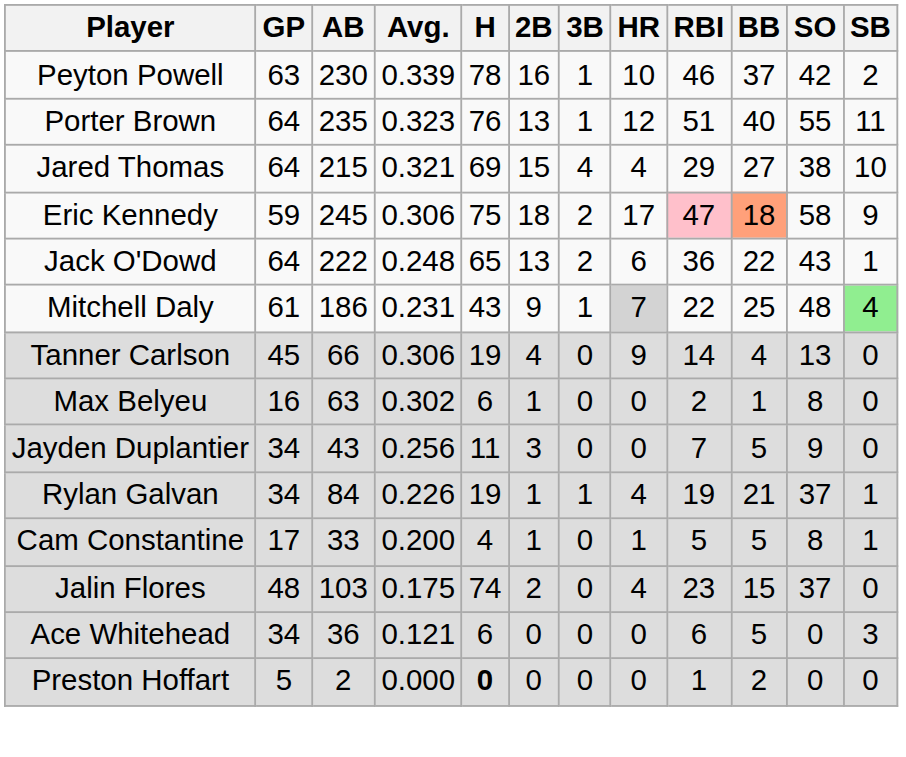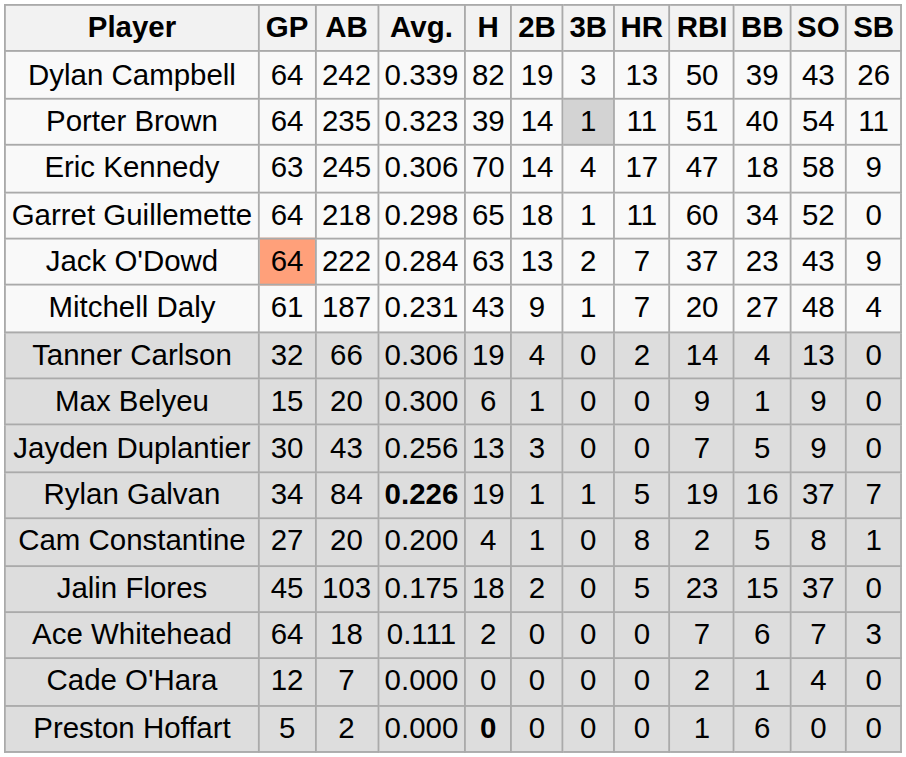 <table class="wikitable sortable">
 <tr>
 <th>Player</th>
 <th>GP</th>
 <th>AB</th>
 <th>Avg.</th>
 <th>H</th>
 <th>2B</th>
 <th>3B</th>
 <th>HR</th>
 <th>RBI</th>
 <th>BB</th>
 <th>SO</th>
 <th>SB</th>
 </tr>
 <tr style="text-align:center;">
-<td>Peyton Powell</td>
-<td>63</td>
-<td>230</td>
+<td>Dylan Campbell</td>
+<td>64</td>
+<td>242</td>
 <td>0.339</td>
-<td>78</td>
-<td>16</td>
-<td>1</td>
-<td>10</td>
-<td>46</td>
-<td>37</td>
-<td>42</td>
-<td>2</td>
+<td>82</td>
+<td>19</td>
+<td>3</td>
+<td>13</td>
+<td>50</td>
+<td>39</td>
+<td>43</td>
+<td>26</td>
 </tr>
 <tr style="text-align:center;">
 <td>Porter Brown</td>
 <td>64</td>
 <td>235</td>
 <td>0.323</td>
-<td>76</td>
-<td>13</td>
-<td>1</td>
-<td>12</td>
+<td>39</td>
+<td>14</td>
+<td style="background: lightgrey;">1</td>
+<td>11</td>
 <td>51</td>
 <td>40</td>
-<td>55</td>
+<td>54</td>
 <td>11</td>
 </tr>
 <tr style="text-align:center;">
-<td>Jared Thomas</td>
-<td>64</td>
-<td>215</td>
-<td>0.321</td>
-<td>69</td>
-<td>15</td>
-<td>4</td>
-<td>4</td>
-<td>29</td>
-<td>27</td>
-<td>38</td>
-<td>10</td>
-</tr>
-<tr style="text-align:center;">
 <td>Eric Kennedy</td>
-<td>59</td>
+<td>63</td>
 <td>245</td>
 <td>0.306</td>
-<td>75</td>
+<td>70</td>
+<td>14</td>
+<td>4</td>
+<td>17</td>
+<td>47</td>
 <td>18</td>
-<td>2</td>
-<td>17</td>
-<td style="background: pink;">47</td>
-<td style="background: lightsalmon;">18</td>
 <td>58</td>
 <td>9</td>
 </tr>
 <tr style="text-align:center;">
+<td>Garret Guillemette</td>
+<td>64</td>
+<td>218</td>
+<td>0.298</td>
+<td>65</td>
+<td>18</td>
+<td>1</td>
+<td>11</td>
+<td>60</td>
+<td>34</td>
+<td>52</td>
+<td>0</td>
+</tr>
+<tr style="text-align:center;">
 <td>Jack O'Dowd</td>
-<td>64</td>
+<td style="background: lightsalmon;">64</td>
 <td>222</td>
-<td>0.248</td>
-<td>65</td>
+<td>0.284</td>
+<td>63</td>
 <td>13</td>
 <td>2</td>
-<td>6</td>
-<td>36</td>
-<td>22</td>
+<td>7</td>
+<td>37</td>
+<td>23</td>
 <td>43</td>
-<td>1</td>
+<td>9</td>
 </tr>
 <tr style="text-align:center;">
 <td>Mitchell Daly</td>
 <td>61</td>
-<td>186</td>
+<td>187</td>
 <td>0.231</td>
 <td>43</td>
 <td>9</td>
 <td>1</td>
-<td style="background: lightgrey;">7</td>
-<td>22</td>
-<td>25</td>
+<td>7</td>
+<td>20</td>
+<td>27</td>
 <td>48</td>
-<td style="background: lightgreen;">4</td>
+<td>4</td>
 </tr>
 <tr style="background:#dddddd; text-align:center;">
 <td>Tanner Carlson</td>
-<td>45</td>
+<td>32</td>
 <td>66</td>
 <td>0.306</td>
 <td>19</td>
 <td>4</td>
 <td>0</td>
-<td>9</td>
+<td>2</td>
 <td>14</td>
 <td>4</td>
 <td>13</td>
 <td>0</td>
 </tr>
 <tr style="background:#dddddd; text-align:center;">
 <td>Max Belyeu</td>
-<td>16</td>
-<td>63</td>
-<td>0.302</td>
+<td>15</td>
+<td>20</td>
+<td>0.300</td>
 <td>6</td>
 <td>1</td>
 <td>0</td>
 <td>0</td>
-<td>2</td>
+<td>9</td>
 <td>1</td>
-<td>8</td>
+<td>9</td>
 <td>0</td>
 </tr>
 <tr style="background:#dddddd; text-align:center;">
 <td>Jayden Duplantier</td>
-<td>34</td>
+<td>30</td>
 <td>43</td>
 <td>0.256</td>
-<td>11</td>
+<td>13</td>
 <td>3</td>
 <td>0</td>
 <td>0</td>
 <td>7</td>
 <td>5</td>
 <td>9</td>
 <td>0</td>
 </tr>
 <tr style="background:#dddddd; text-align:center;">
 <td>Rylan Galvan</td>
 <td>34</td>
 <td>84</td>
-<td>0.226</td>
+<td><strong>0.226</strong></td>
 <td>19</td>
 <td>1</td>
 <td>1</td>
-<td>4</td>
+<td>5</td>
 <td>19</td>
-<td>21</td>
+<td>16</td>
 <td>37</td>
-<td>1</td>
+<td>7</td>
 </tr>
 <tr style="background:#dddddd; text-align:center;">
 <td>Cam Constantine</td>
-<td>17</td>
-<td>33</td>
+<td>27</td>
+<td>20</td>
 <td>0.200</td>
 <td>4</td>
 <td>1</td>
 <td>0</td>
-<td>1</td>
-<td>5</td>
+<td>8</td>
+<td>2</td>
 <td>5</td>
 <td>8</td>
 <td>1</td>
 </tr>
 <tr style="background:#dddddd; text-align:center;">
 <td>Jalin Flores</td>
-<td>48</td>
+<td>45</td>
 <td>103</td>
 <td>0.175</td>
-<td>74</td>
+<td>18</td>
 <td>2</td>
 <td>0</td>
-<td>4</td>
+<td>5</td>
 <td>23</td>
 <td>15</td>
 <td>37</td>
 <td>0</td>
 </tr>
 <tr style="background:#dddddd; text-align:center;">
 <td>Ace Whitehead</td>
-<td>34</td>
-<td>36</td>
-<td>0.121</td>
-<td>6</td>
+<td>64</td>
+<td>18</td>
+<td>0.111</td>
+<td>2</td>
 <td>0</td>
 <td>0</td>
 <td>0</td>
+<td>7</td>
 <td>6</td>
-<td>5</td>
+<td>7</td>
+<td>3</td>
+</tr>
+<tr style="background:#dddddd; text-align:center;">
+<td>Cade O'Hara</td>
+<td>12</td>
+<td>7</td>
+<td>0.000</td>
 <td>0</td>
-<td>3</td>
+<td>0</td>
+<td>0</td>
+<td>0</td>
+<td>2</td>
+<td>1</td>
+<td>4</td>
+<td>0</td>
 </tr>
 <tr style="background:#dddddd; text-align:center;">
 <td>Preston Hoffart</td>
 <td>5</td>
 <td>2</td>
 <td>0.000</td>
 <td><strong>0</strong></td>
 <td>0</td>
 <td>0</td>
 <td>0</td>
 <td>1</td>
-<td>2</td>
+<td>6</td>
 <td>0</td>
 <td>0</td>
 </tr>
 </table>
